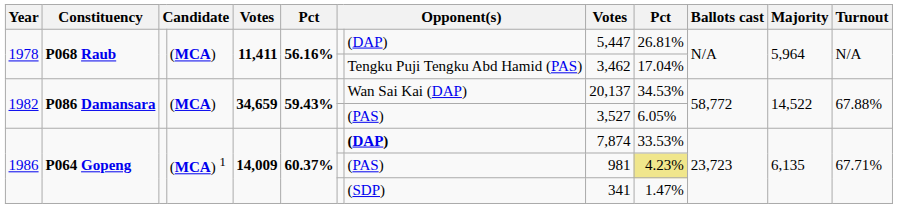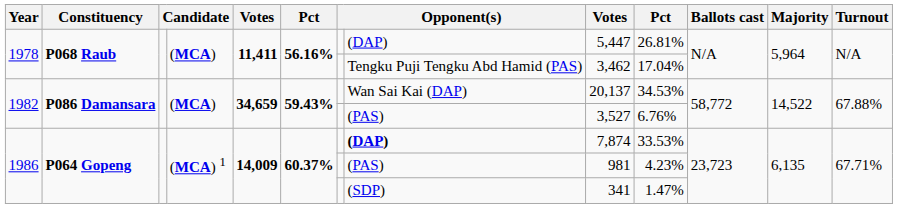 <table class="wikitable" style="margin:0.5em ; font-size:95%">
 <tr>
 <th>Year</th>
 <th>Constituency</th>
 <th colspan=2>Candidate</th>
 <th>Votes</th>
 <th>Pct</th>
 <th colspan=2>Opponent(s)</th>
 <th>Votes</th>
 <th>Pct</th>
 <th>Ballots cast</th>
 <th>Majority</th>
 <th>Turnout</th>
 </tr>
 <tr>
 <td rowspan=2><a href='#'>1978</a></td>
 <td rowspan=2><strong>P068 <a href='#'>Raub</a></strong></td>
 <td rowspan=2 ></td>
 <td rowspan=2> (<a href='#'><strong>MCA</strong></a>)</td>
 <td rowspan=2 align="right"><strong>11,411</strong></td>
 <td rowspan=2><strong>56.16%</strong></td>
 <td></td>
 <td> (<a href='#'>DAP</a>)</td>
 <td align="right">5,447</td>
 <td>26.81%</td>
 <td rowspan=2>N/A</td>
 <td rowspan=2>5,964</td>
 <td rowspan=2>N/A</td>
 </tr>
 <tr>
 <td></td>
 <td>Tengku Puji Tengku Abd Hamid (<a href='#'>PAS</a>)</td>
 <td align="right">3,462</td>
 <td>17.04%</td>
 </tr>
 <tr>
 <td rowspan=2><a href='#'>1982</a></td>
 <td rowspan=2><strong>P086 <a href='#'>Damansara</a></strong></td>
 <td rowspan=2 ></td>
 <td rowspan=2> (<a href='#'><strong>MCA</strong></a>)</td>
 <td rowspan=2 align="right"><strong>34,659</strong></td>
 <td rowspan=2><strong>59.43%</strong></td>
 <td></td>
 <td>Wan Sai Kai (<a href='#'>DAP</a>)</td>
 <td align="right">20,137</td>
 <td>34.53%</td>
 <td rowspan=2>58,772</td>
 <td rowspan=2>14,522</td>
 <td rowspan=2>67.88%</td>
 </tr>
 <tr>
 <td></td>
 <td> (<a href='#'>PAS</a>)</td>
 <td align="right">3,527</td>
-<td align=roght>6.05%</td>
+<td align=roght>6.76%</td>
 </tr>
 <tr>
 <td rowspan=3><a href='#'>1986</a></td>
 <td rowspan=3><strong>P064 <a href='#'>Gopeng</a></strong></td>
 <td rowspan=3 ></td>
 <td rowspan=3> (<a href='#'><strong>MCA</strong></a>) <sup>1</sup></td>
 <td rowspan=3 align="right"><strong>14,009</strong></td>
 <td rowspan=3><strong>60.37%</strong></td>
 <td></td>
 <td><strong> (<a href='#'>DAP</a>)</strong></td>
 <td align="right">7,874</td>
 <td>33.53%</td>
 <td rowspan=3>23,723</td>
 <td rowspan=3>6,135</td>
 <td rowspan=3>67.71%</td>
 </tr>
 <tr>
 <td></td>
 <td> (<a href='#'>PAS</a>)</td>
 <td align="right">981</td>
-<td align=right style="background: khaki;">4.23%</td>
+<td align=right>4.23%</td>
 </tr>
 <tr>
 <td bgcolor=></td>
 <td> (<a href='#'>SDP</a>)</td>
 <td align="right">341</td>
 <td align=right>1.47%</td>
 </tr>
 </table>
